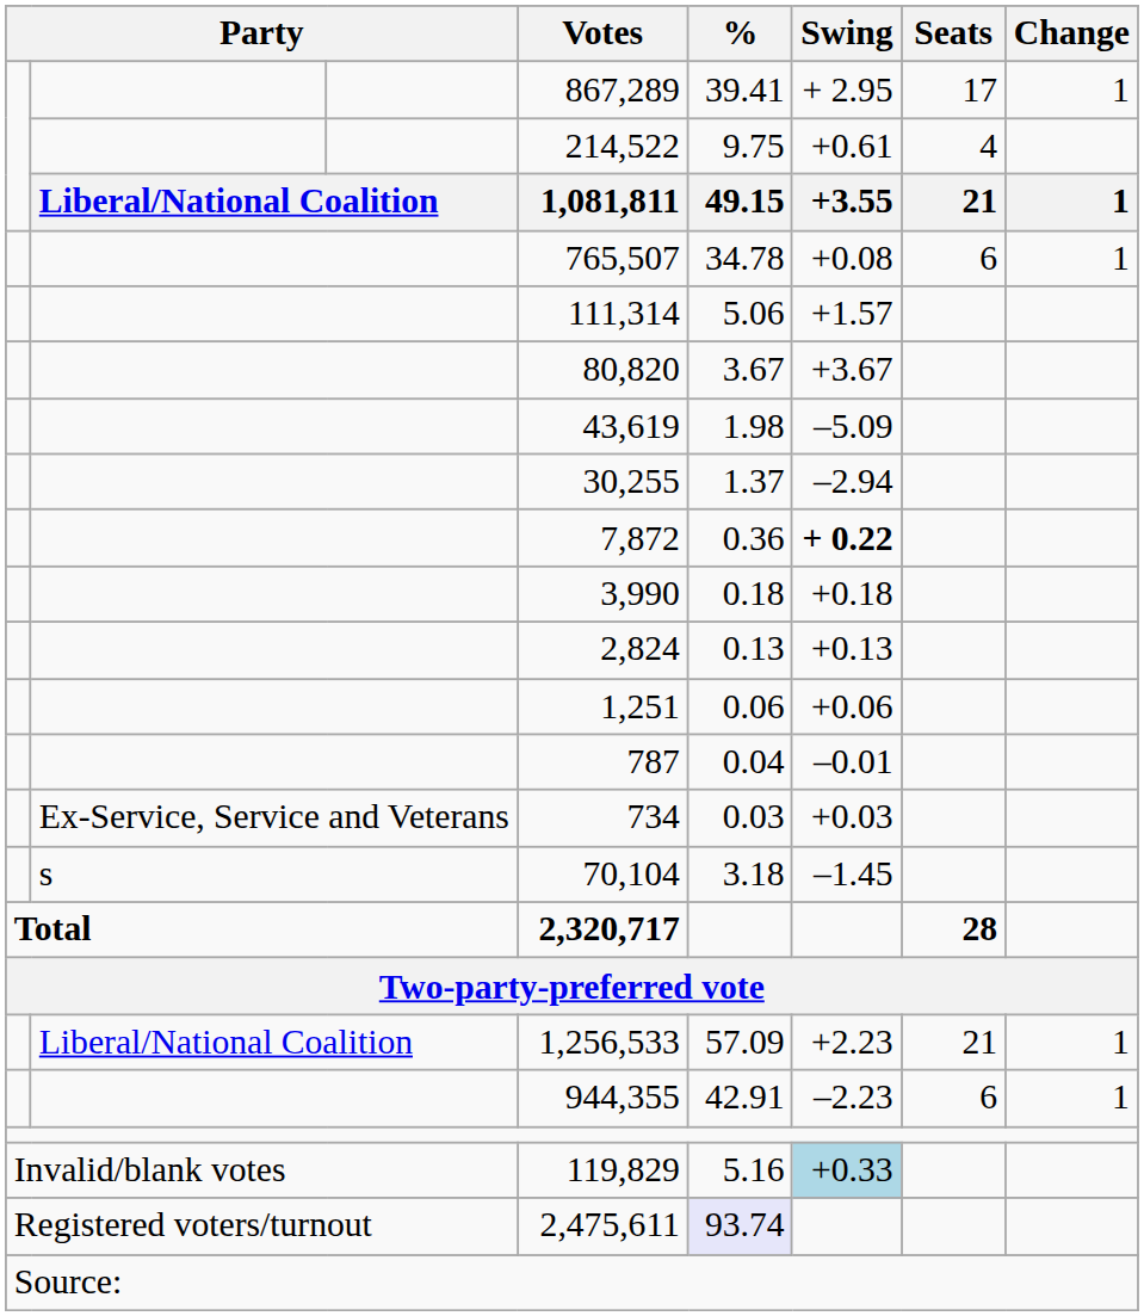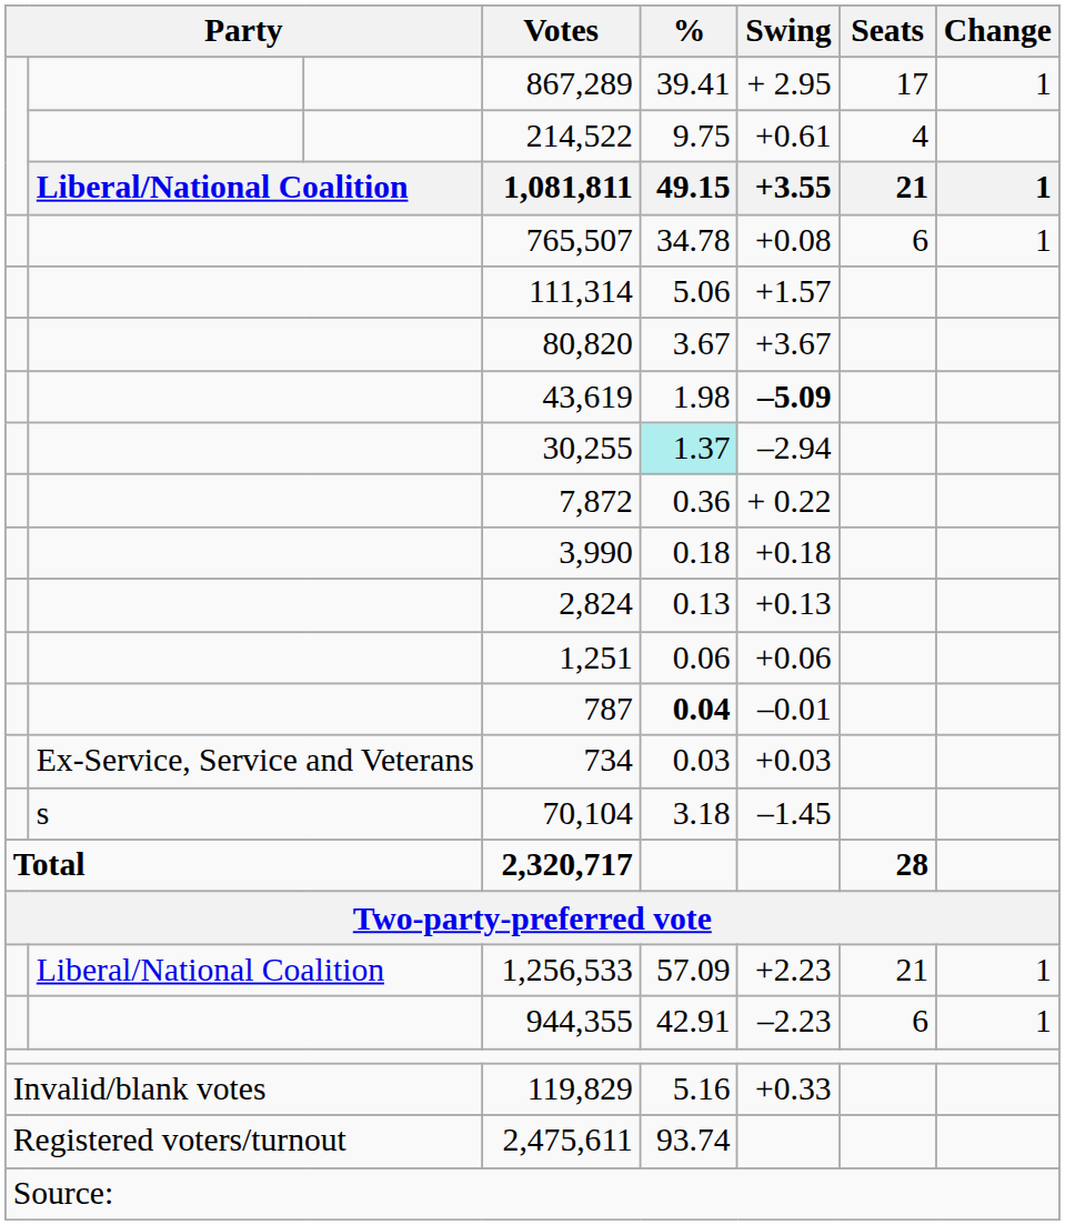 <table class="wikitable">
 <tr>
 <th colspan="3" style="width:200px">Party</th>
 <th style="width:70px; text-align:center;">Votes</th>
 <th style="width:40px; text-align:center;">%</th>
 <th style="width:40px; text-align:center;">Swing</th>
 <th style="width:40px; text-align:center;">Seats</th>
 <th style="width:40px; text-align:center;">Change</th>
 </tr>
 <tr>
 <td rowspan=3></td>
 <td> </td>
 <td></td>
 <td align=right>867,289</td>
 <td align=right>39.41</td>
 <td align=right>+ 2.95</td>
 <td align=right>17</td>
 <td align=right> 1</td>
 </tr>
 <tr>
 <td> </td>
 <td></td>
 <td align=right>214,522</td>
 <td align=right>9.75</td>
 <td align=right>+0.61</td>
 <td align=right>4</td>
 <td align=right></td>
 </tr>
 <tr>
 <th colspan="2" style="text-align:left;"><a href='#'>Liberal/National Coalition</a></th>
 <th style="text-align:right;">1,081,811</th>
 <th style="text-align:right;">49.15</th>
 <th style="text-align:right;">+3.55</th>
 <th style="text-align:right;">21</th>
 <th style="text-align:right;"> 1</th>
 </tr>
 <tr>
 <td> </td>
 <td colspan="2"></td>
 <td align=right>765,507</td>
 <td align=right>34.78</td>
 <td align=right>+0.08</td>
 <td align=right>6</td>
 <td align=right> 1</td>
 </tr>
 <tr>
 <td> </td>
 <td colspan="2"></td>
 <td align=right>111,314</td>
 <td align=right>5.06</td>
 <td align=right>+1.57</td>
 <td align=right></td>
 <td align=right></td>
 </tr>
 <tr>
 <td> </td>
 <td colspan="2"></td>
 <td align=right>80,820</td>
 <td align=right>3.67</td>
 <td align=right>+3.67</td>
 <td align=right></td>
 <td align=right></td>
 </tr>
 <tr>
 <td> </td>
 <td colspan="2"></td>
 <td align=right>43,619</td>
 <td align=right>1.98</td>
-<td align=right>–5.09</td>
+<td align=right><strong>–5.09</strong></td>
 <td align=right></td>
 <td align=right></td>
 </tr>
 <tr>
 <td> </td>
 <td colspan="2"></td>
 <td align=right>30,255</td>
-<td align=right>1.37</td>
+<td align=right style="background: paleturquoise;">1.37</td>
 <td align=right>–2.94</td>
 <td align=right></td>
 <td align=right></td>
 </tr>
 <tr>
 <td> </td>
 <td colspan="2"></td>
 <td align=right>7,872</td>
 <td align=right>0.36</td>
-<td align=right><strong>+ 0.22</strong></td>
+<td align=right>+ 0.22</td>
 <td align=right></td>
 <td align=right></td>
 </tr>
 <tr>
 <td> </td>
 <td colspan="2"></td>
 <td align=right>3,990</td>
 <td align=right>0.18</td>
 <td align=right>+0.18</td>
 <td align=right></td>
 <td align=right></td>
 </tr>
 <tr>
 <td> </td>
 <td colspan="2"></td>
 <td align=right>2,824</td>
 <td align=right>0.13</td>
 <td align=right>+0.13</td>
 <td align=right></td>
 <td align=right></td>
 </tr>
 <tr>
 <td> </td>
 <td colspan="2"></td>
 <td align=right>1,251</td>
 <td align=right>0.06</td>
 <td align=right>+0.06</td>
 <td align=right></td>
 <td align=right></td>
 </tr>
 <tr>
 <td> </td>
 <td colspan="2"></td>
 <td align=right>787</td>
-<td align=right>0.04</td>
+<td align=right><strong>0.04</strong></td>
 <td align=right>–0.01</td>
 <td align=right></td>
 <td align=right></td>
 </tr>
 <tr>
 <td> </td>
 <td colspan="2">Ex-Service, Service and Veterans</td>
 <td align=right>734</td>
 <td align=right>0.03</td>
 <td align=right>+0.03</td>
 <td align=right></td>
 <td align=right></td>
 </tr>
 <tr>
 <td> </td>
 <td colspan="2">s</td>
 <td align=right>70,104</td>
 <td align=right>3.18</td>
 <td align=right>–1.45</td>
 <td align=right></td>
 <td align=right></td>
 </tr>
 <tr>
 <td colspan="3" align="left"><strong>Total</strong></td>
 <td align=right><strong>2,320,717	</strong></td>
 <td align=right></td>
 <td></td>
 <td align=right><strong>28</strong></td>
 <td></td>
 </tr>
 <tr>
 <th colspan="8"><a href='#'>Two-party-preferred vote</a></th>
 </tr>
 <tr>
 <td> </td>
 <td colspan="2" align="left"><a href='#'>Liberal/National Coalition</a></td>
 <td align=right>1,256,533</td>
 <td align=right>57.09</td>
 <td align=right>+2.23</td>
 <td align=right>21</td>
 <td align=right> 1</td>
 </tr>
 <tr>
 <td> </td>
 <td colspan="2" align="left"></td>
 <td align=right>944,355</td>
 <td align=right>42.91</td>
 <td align=right>–2.23</td>
 <td align=right>6</td>
 <td align=right> 1</td>
 </tr>
 <tr>
 <td colspan="8"></td>
 </tr>
 <tr>
 <td colspan="3" align="left">Invalid/blank votes</td>
 <td align=right>119,829</td>
 <td align=right>5.16</td>
-<td align=right style="background: lightblue;">+0.33</td>
+<td align=right>+0.33</td>
 <td></td>
 <td></td>
 </tr>
 <tr>
 <td colspan="3" align="left">Registered voters/turnout</td>
 <td align=right>2,475,611</td>
-<td align=right style="background: lavender;">93.74</td>
+<td align=right>93.74</td>
 <td></td>
 <td></td>
 <td></td>
 </tr>
 <tr>
 <td colspan="8" align="left">Source: </td>
 </tr>
 </table>
